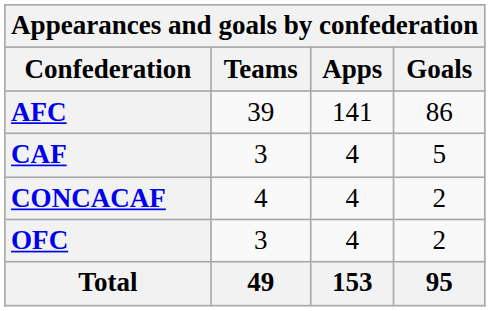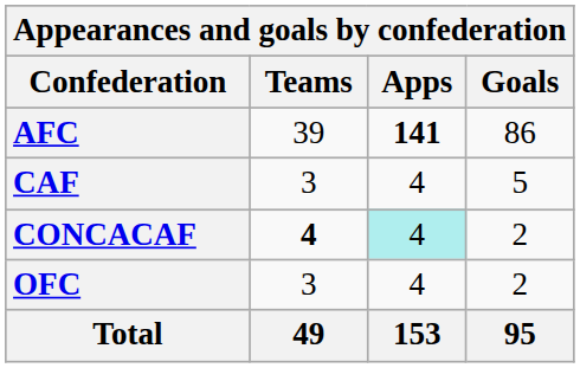 <table class="wikitable sortable" style="text-align:center">
 <tr>
 <th colspan=4>Appearances and goals by confederation</th>
 </tr>
 <tr>
 <th scope="col">Confederation</th>
 <th scope="col">Teams</th>
 <th scope="col">Apps</th>
 <th scope="col">Goals</th>
 </tr>
 <tr>
 <th style="text-align:left" scope=row><a href='#'>AFC</a></th>
 <td>39</td>
-<td>141</td>
+<td><strong>141</strong></td>
 <td>86</td>
 </tr>
 <tr>
 <th style="text-align:left" scope=row><a href='#'>CAF</a></th>
 <td>3</td>
 <td>4</td>
 <td>5</td>
 </tr>
 <tr>
 <th style="text-align:left" scope=row><a href='#'>CONCACAF</a></th>
-<td>4</td>
-<td>4</td>
+<td><strong>4</strong></td>
+<td style="background: paleturquoise;">4</td>
 <td>2</td>
 </tr>
 <tr>
 <th style="text-align:left" scope=row><a href='#'>OFC</a></th>
 <td>3</td>
 <td>4</td>
 <td>2</td>
 </tr>
 <tr>
 <th scope=row>Total</th>
 <th>49</th>
 <th>153</th>
 <th>95</th>
 </tr>
 </table>
